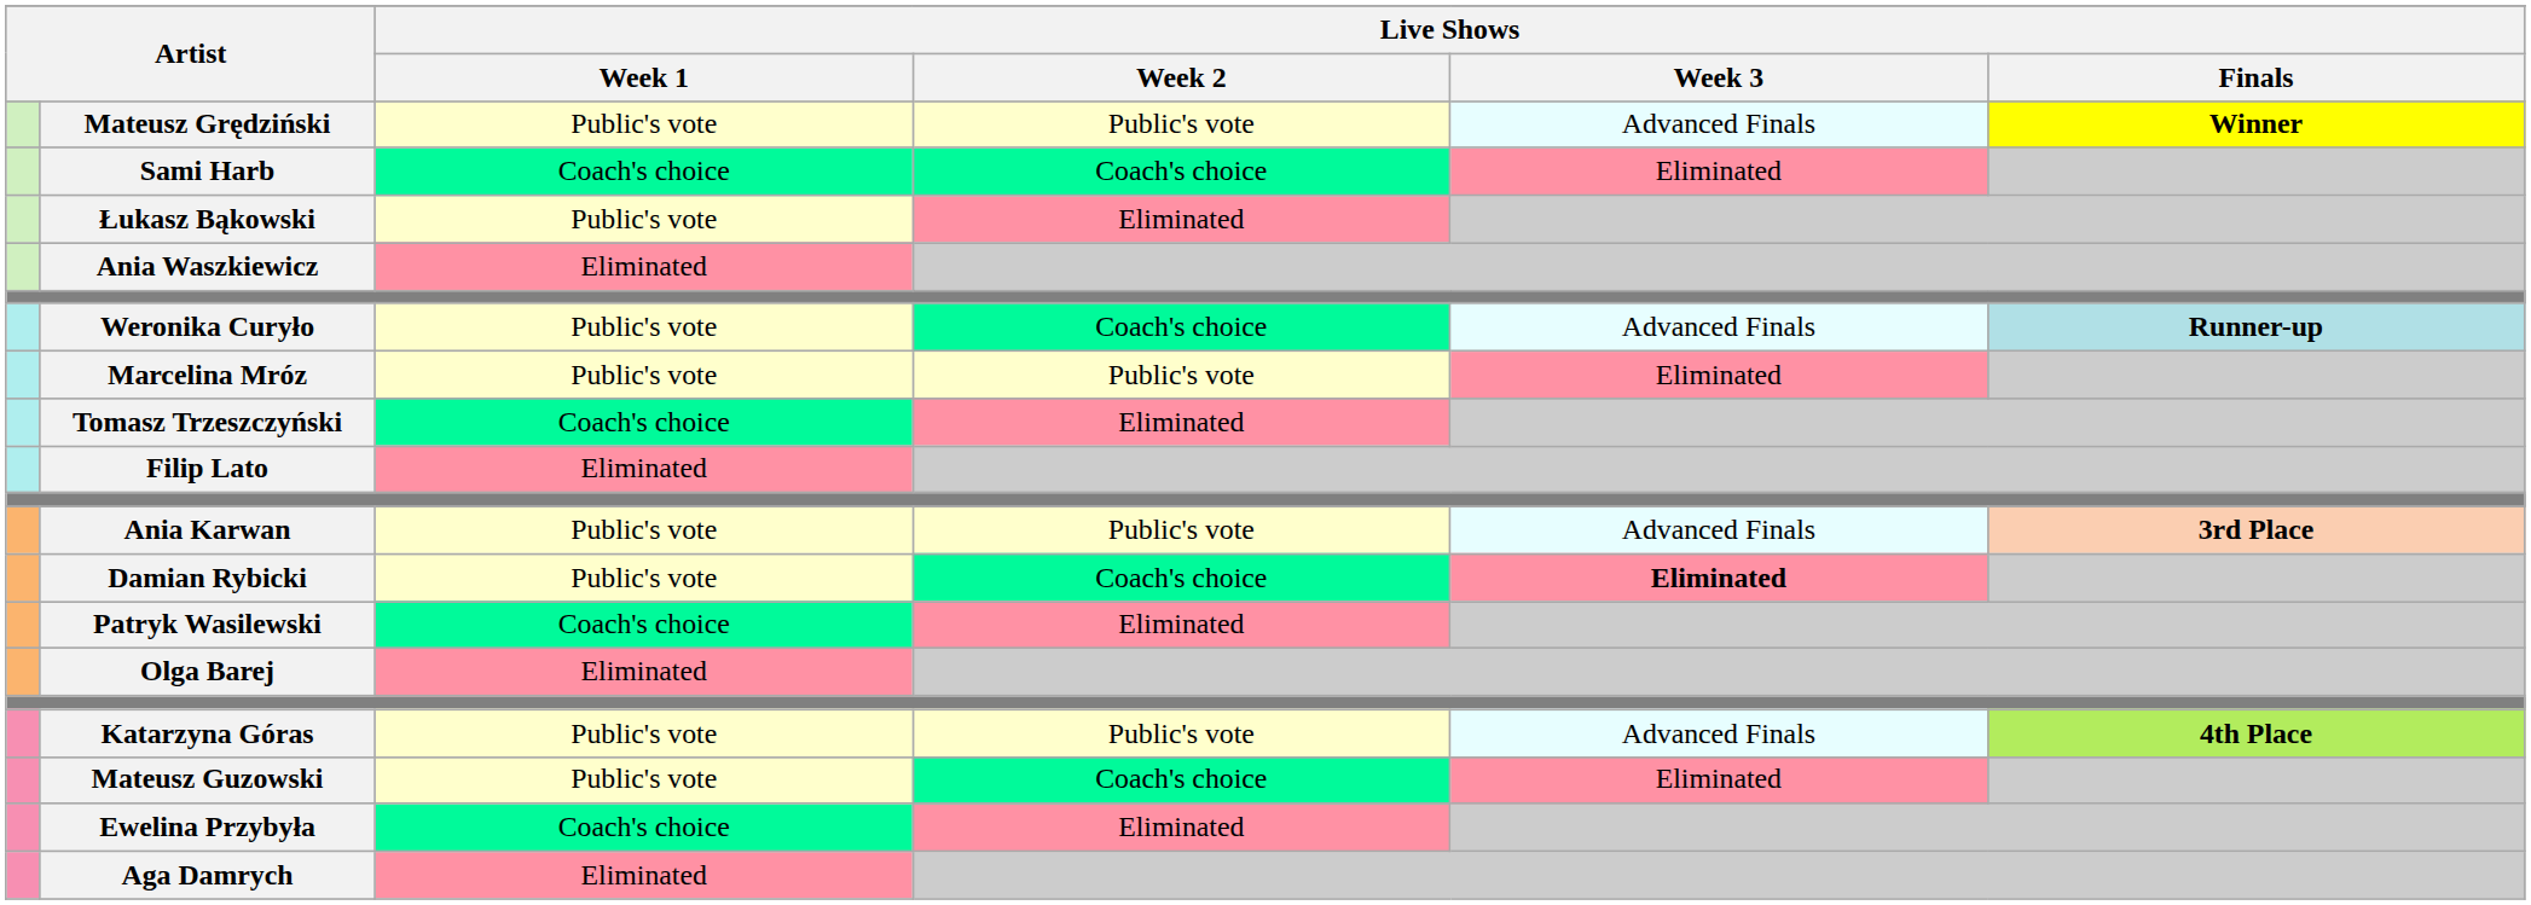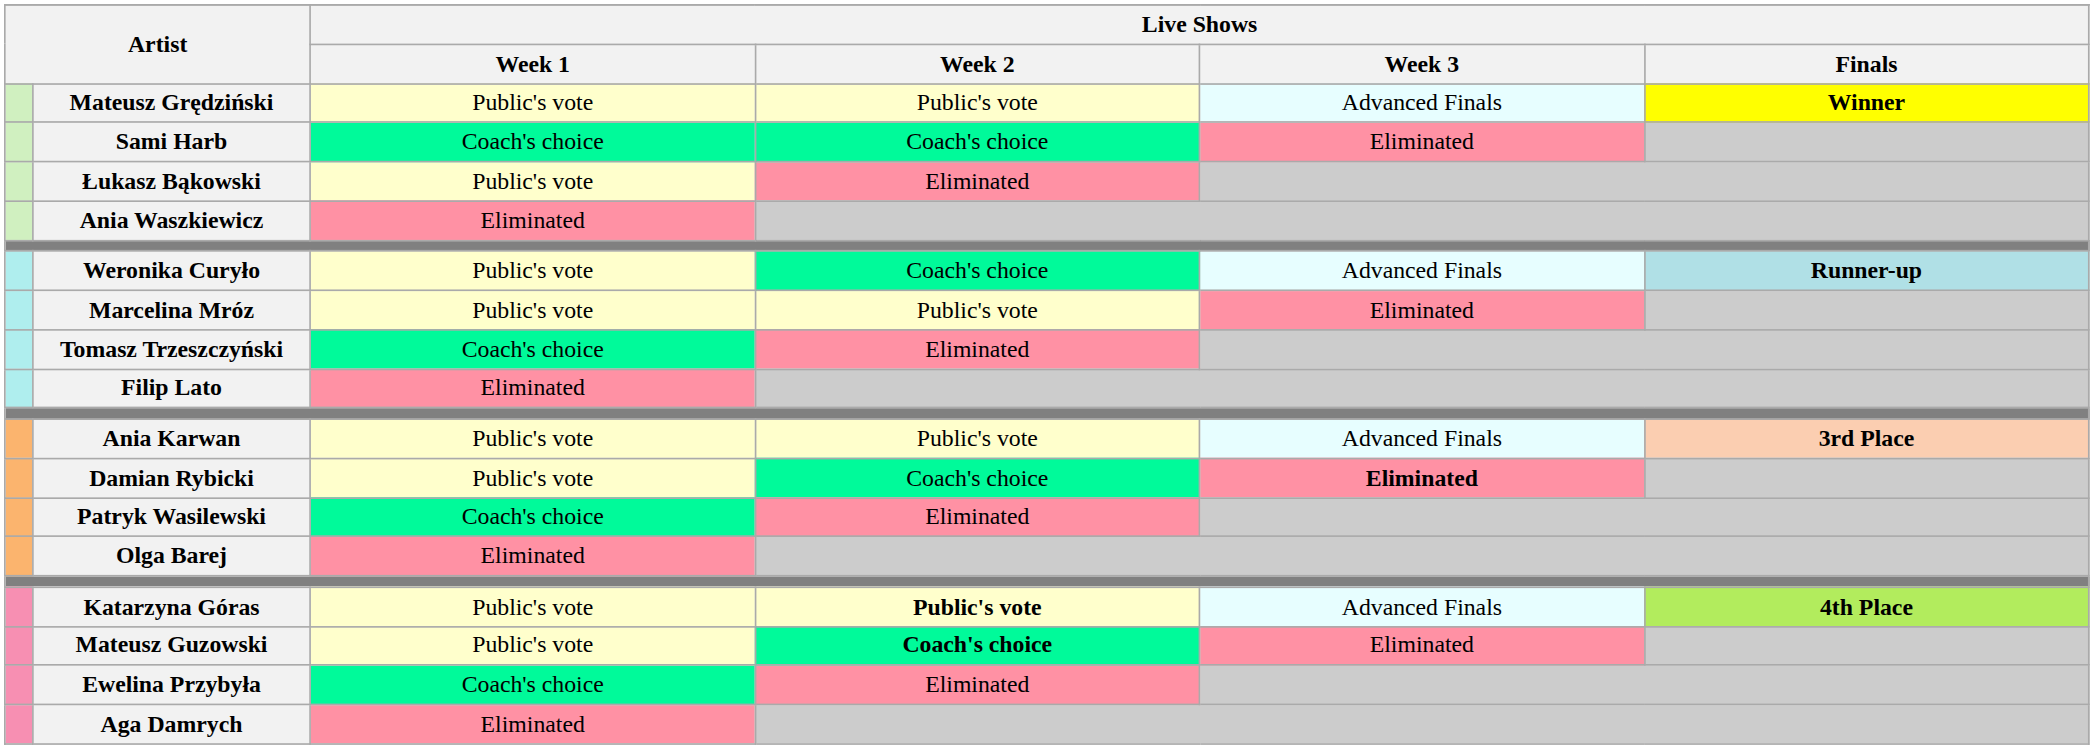 <table class="wikitable" style="font-size:90%; text-align:center; width:100%;">
 <tr>
 </tr>
 <tr>
 <th rowspan="2" colspan="2" width="20%">Artist</th>
 <th colspan="4" width="60%">Live Shows</th>
 </tr>
 <tr>
 <th width="16%">Week 1</th>
 <th width="16%">Week 2</th>
 <th width="16%">Week 3</th>
 <th width="16%">Finals</th>
 </tr>
 <tr>
 <th width="1%" style="background:#d0f0c0;"></th>
 <th width="10%">Mateusz Grędziński</th>
 <td style="background:#FFFFCC">Public's vote</td>
 <td style="background:#FFFFCC">Public's vote</td>
 <td style="background:#E7FEFF">Advanced Finals</td>
 <td style="background:yellow"><strong>Winner</strong></td>
 </tr>
 <tr>
 <th width="1%" style="background:#d0f0c0;"></th>
 <th width="10%">Sami Harb</th>
 <td style="background:#00FA9A">Coach's choice</td>
 <td style="background:#00FA9A">Coach's choice</td>
 <td style="background:#FF91A4">Eliminated</td>
 <td style="background:#ccc;"></td>
 </tr>
 <tr>
 <th width="1%" style="background:#d0f0c0;"></th>
 <th width="10%">Łukasz Bąkowski</th>
 <td style="background:#FFFFCC">Public's vote</td>
 <td style="background:#FF91A4;">Eliminated</td>
 <td colspan="2" style="background:#ccc;"></td>
 </tr>
 <tr>
 <th width="1%" style="background:#d0f0c0;"></th>
 <th width="10%">Ania Waszkiewicz</th>
 <td style="background:#FF91A4;">Eliminated</td>
 <td colspan="4" style="background:#ccc;"></td>
 </tr>
 <tr>
 <th colspan="6" style="background:grey;"></th>
 </tr>
 <tr>
 <th width="1%" style="background:#afeeee;"></th>
 <th width="10%">Weronika Curyło</th>
 <td style="background:#FFFFCC">Public's vote</td>
 <td style="background:#00FA9A">Coach's choice</td>
 <td style="background:#E7FEFF">Advanced Finals</td>
 <td style="background:#B0E0E6"><strong>Runner-up</strong></td>
 </tr>
 <tr>
 <th width="1%" style="background:#afeeee;"></th>
 <th width="10%">Marcelina Mróz</th>
 <td style="background:#FFFFCC">Public's vote</td>
 <td style="background:#FFFFCC">Public's vote</td>
 <td style="background:#FF91A4">Eliminated</td>
 <td style="background:#ccc;"></td>
 </tr>
 <tr>
 <th width="1%" style="background:#afeeee;"></th>
 <th width="10%">Tomasz Trzeszczyński</th>
 <td style="background:#00FA9A">Coach's choice</td>
 <td style="background:#FF91A4">Eliminated</td>
 <td colspan="3" style="background:#ccc;"></td>
 </tr>
 <tr>
 <th width="1%" style="background:#afeeee;"></th>
 <th width="10%">Filip Lato</th>
 <td style="background:#FF91A4;">Eliminated</td>
 <td colspan="3" style="background:#ccc;"></td>
 </tr>
 <tr>
 <th colspan="6" style="background:grey;"></th>
 </tr>
 <tr>
 <th width="1%" style="background:#fbb46e;"></th>
 <th width="10%">Ania Karwan</th>
 <td style="background:#FFFFCC">Public's vote</td>
 <td style="background:#FFFFCC">Public's vote</td>
 <td style="background:#E7FEFF">Advanced Finals</td>
 <td style="background:#FBCEB1"><strong>3rd Place</strong></td>
 </tr>
 <tr>
 <th width="1%" style="background:#fbb46e;"></th>
 <th width="10%">Damian Rybicki</th>
 <td style="background:#FFFFCC">Public's vote</td>
 <td style="background:#00FA9A">Coach's choice</td>
 <td style="background:#FF91A4"><strong>Eliminated</strong></td>
 <td style="background:#ccc;"></td>
 </tr>
 <tr>
 <th width="1%" style="background:#fbb46e;"></th>
 <th width="10%">Patryk Wasilewski</th>
 <td style="background:#00FA9A">Coach's choice</td>
 <td style="background:#FF91A4">Eliminated</td>
 <td colspan="2" style="background:#ccc;"></td>
 </tr>
 <tr>
 <th width="1%" style="background:#fbb46e;"></th>
 <th width="10%">Olga Barej</th>
 <td style="background:#FF91A4;">Eliminated</td>
 <td colspan="4" style="background:#ccc;"></td>
 </tr>
 <tr>
 <th colspan="6" style="background:grey;"></th>
 </tr>
 <tr>
 <th width="1%" style="background:#F78FB2;"></th>
 <th width="10%">Katarzyna Góras</th>
 <td style="background:#FFFFCC">Public's vote</td>
-<td style="background:#FFFFCC">Public's vote</td>
+<td style="background:#FFFFCC"><strong>Public's vote</strong></td>
 <td style="background:#E7FEFF">Advanced Finals</td>
 <td style="background:#B2EC5D"><strong>4th Place</strong></td>
 </tr>
 <tr>
 <th width="1%" style="background:#F78FB2;"></th>
 <th width="10%">Mateusz Guzowski</th>
 <td style="background:#FFFFCC">Public's vote</td>
-<td style="background:#00FA9A">Coach's choice</td>
+<td style="background:#00FA9A"><strong>Coach's choice</strong></td>
 <td style="background:#FF91A4">Eliminated</td>
 <td style="background:#ccc;"></td>
 </tr>
 <tr>
 <th width="1%" style="background:#F78FB2;"></th>
 <th width="10%">Ewelina Przybyła</th>
 <td style="background:#00FA9A">Coach's choice</td>
 <td style="background:#FF91A4;">Eliminated</td>
 <td colspan="2" style="background:#ccc;"></td>
 </tr>
 <tr>
 <th width="1%" style="background:#F78FB2;"></th>
 <th width="10%">Aga Damrych</th>
 <td style="background:#FF91A4;">Eliminated</td>
 <td colspan="4" style="background:#ccc;"></td>
 </tr>
 </table>
